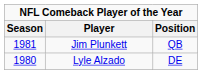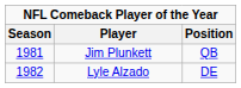 <table class="wikitable sortable" style="text-align:center">
 <tr>
 <td colspan="3"><strong>NFL Comeback Player of the Year</strong></td>
 </tr>
 <tr>
 <th style="width:50px; ">Season</th>
 <th style="width:160px; ">Player</th>
 <th style="width:50px; ">Position</th>
 </tr>
 <tr>
 <td><a href='#'>1981</a></td>
 <td><a href='#'>Jim Plunkett</a></td>
 <td><a href='#'>QB</a></td>
 </tr>
 <tr>
-<td><a href='#'>1980</a></td>
+<td><a href='#'>1982</a></td>
 <td><a href='#'>Lyle Alzado</a></td>
 <td><a href='#'>DE</a></td>
 </tr>
 </table>
